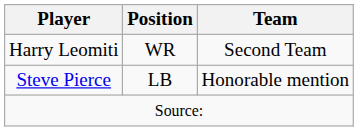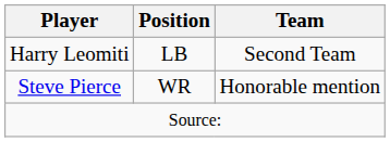 <table class="wikitable" style="text-align: center">
 <tr align=center>
 <th>Player</th>
 <th>Position</th>
 <th>Team</th>
 </tr>
 <tr>
 <td>Harry Leomiti</td>
-<td>WR</td>
+<td>LB</td>
 <td>Second Team</td>
 </tr>
 <tr>
 <td><a href='#'>Steve Pierce</a></td>
-<td>LB</td>
+<td>WR</td>
 <td>Honorable mention</td>
 </tr>
 <tr>
 <td colspan="3"><small>Source:</small></td>
 </tr>
 </table>
